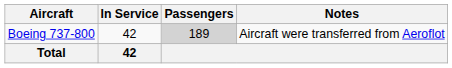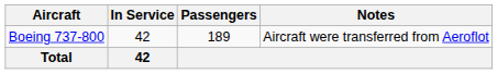 <table class="wikitable" style="border-collapse:collapse;text-align:center;margin:auto;">
 <tr>
 <th>Aircraft</th>
 <th>In Service</th>
 <th>Passengers</th>
 <th>Notes</th>
 </tr>
 <tr>
 <td><a href='#'>Boeing 737-800</a></td>
 <td>42</td>
-<td style="background: lightgrey;">189</td>
+<td>189</td>
 <td>Aircraft were transferred from <a href='#'>Aeroflot</a></td>
 </tr>
 <tr>
 <th>Total</th>
 <th>42</th>
 <th colspan="2"></th>
 </tr>
 </table>
